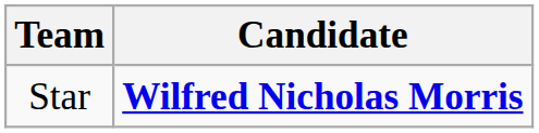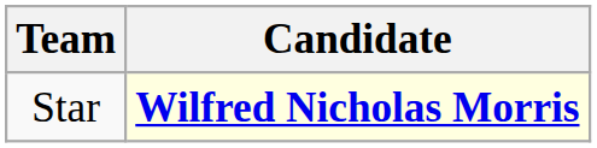 <table class="wikitable" style="text-align:center">
 <tr>
 <th>Team</th>
 <th>Candidate</th>
 </tr>
 <tr>
 <td>Star</td>
-<td><strong><a href='#'>Wilfred Nicholas Morris</a></strong></td>
+<td style="background: lightyellow;"><strong><a href='#'>Wilfred Nicholas Morris</a></strong></td>
 </tr>
 </table>
